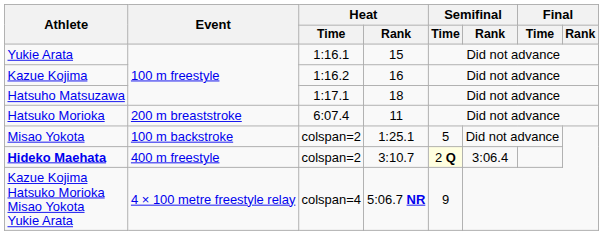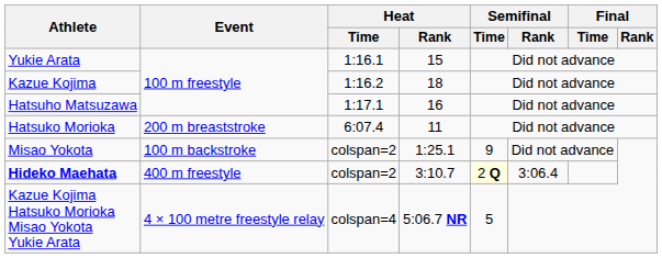 <table class=wikitable style="font-size:90%;">
 <tr>
 <th rowspan=2>Athlete</th>
 <th rowspan=2>Event</th>
 <th colspan=2>Heat</th>
 <th colspan=2>Semifinal</th>
 <th colspan=2>Final</th>
 </tr>
 <tr style="font-size:95%">
 <th>Time</th>
 <th>Rank</th>
 <th>Time</th>
 <th>Rank</th>
 <th>Time</th>
 <th>Rank</th>
 </tr>
 <tr align=center>
 <td align=left><a href='#'>Yukie Arata</a></td>
 <td rowspan=3 align=left><a href='#'>100 m freestyle</a></td>
 <td>1:16.1</td>
 <td>15</td>
 <td colspan=4>Did not advance</td>
 </tr>
 <tr align=center>
 <td align=left><a href='#'>Kazue Kojima</a></td>
 <td>1:16.2</td>
-<td>16</td>
+<td>18</td>
 <td colspan=4>Did not advance</td>
 </tr>
 <tr align=center>
 <td align=left><a href='#'>Hatsuho Matsuzawa</a></td>
 <td>1:17.1</td>
-<td>18</td>
+<td>16</td>
 <td colspan=4>Did not advance</td>
 </tr>
 <tr align=center>
 <td align=left><a href='#'>Hatsuko Morioka</a></td>
 <td align=left><a href='#'>200 m breaststroke</a></td>
 <td>6:07.4</td>
 <td>11</td>
 <td colspan=4>Did not advance</td>
 </tr>
 <tr align=center>
 <td align=left><a href='#'>Misao Yokota</a></td>
 <td align=left><a href='#'>100 m backstroke</a></td>
 <td>colspan=2 </td>
 <td>1:25.1</td>
-<td>5</td>
+<td>9</td>
 <td colspan=2>Did not advance</td>
 </tr>
 <tr align=center>
 <td align=left><strong><a href='#'>Hideko Maehata</a></strong></td>
 <td align=left><a href='#'>400 m freestyle</a></td>
 <td>colspan=2 </td>
 <td>3:10.7</td>
 <td style="background: lightyellow;">2 <strong>Q</strong></td>
 <td>3:06.4</td>
 <td></td>
 </tr>
 <tr align=center>
 <td align=left><a href='#'>Kazue Kojima</a><br><a href='#'>Hatsuko Morioka</a><br><a href='#'>Misao Yokota</a><br><a href='#'>Yukie Arata</a></td>
 <td align=left><a href='#'>4 × 100 metre freestyle relay</a></td>
 <td>colspan=4 </td>
 <td>5:06.7 <strong><a href='#'>NR</a></strong></td>
-<td>9</td>
+<td>5</td>
 </tr>
 </table>
